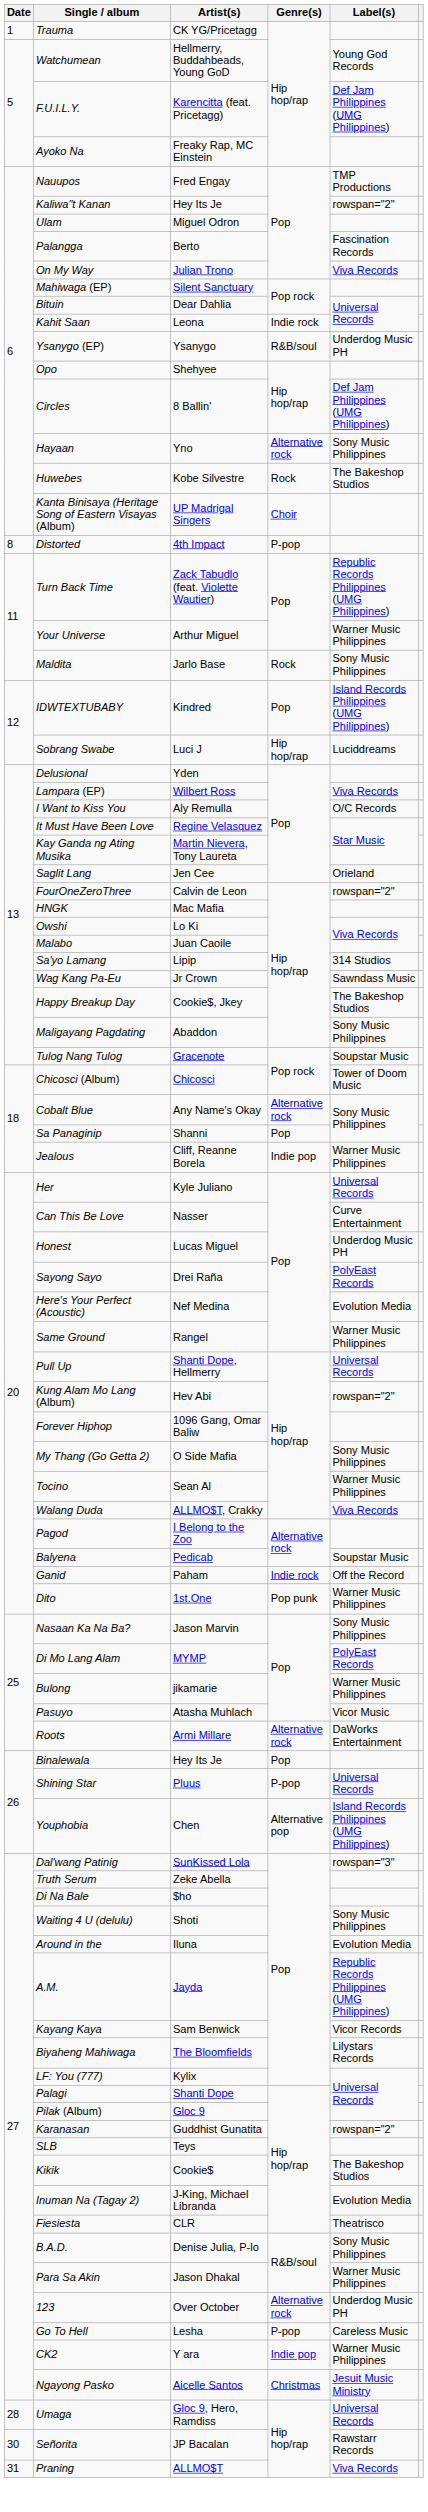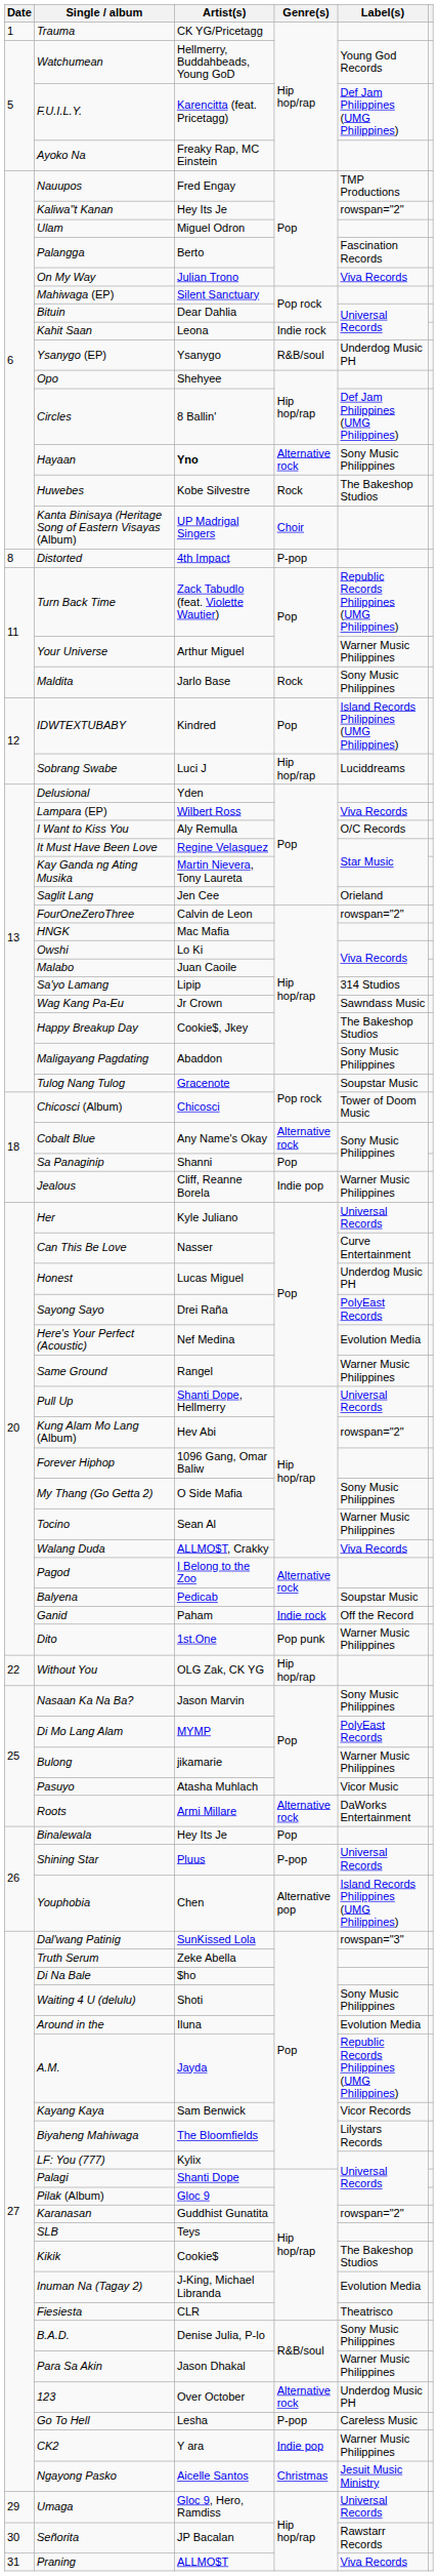 <table class="wikitable">
 <tr>
 <th>Date</th>
 <th>Single / album</th>
 <th>Artist(s)</th>
 <th>Genre(s)</th>
 <th>Label(s)</th>
 <th></th>
 </tr>
 <tr>
 <td>1</td>
 <td><em>Trauma</em></td>
 <td>CK YG/Pricetagg</td>
 <td rowspan="4">Hip hop/rap</td>
 <td></td>
 <td></td>
 </tr>
 <tr>
 <td rowspan="3">5</td>
 <td><em>Watchumean</em></td>
 <td>Hellmerry, Buddahbeads, Young GoD</td>
 <td>Young God Records</td>
 <td></td>
 </tr>
 <tr>
 <td><em>F.U.I.L.Y.</em></td>
 <td><a href='#'>Karencitta</a> (feat. Pricetagg)</td>
 <td><a href='#'>Def Jam Philippines</a><br>(<a href='#'>UMG Philippines</a>)</td>
 <td></td>
 </tr>
 <tr>
 <td><em>Ayoko Na</em></td>
 <td>Freaky Rap, MC Einstein</td>
 <td></td>
 <td></td>
 </tr>
 <tr>
 <td rowspan="14">6</td>
 <td><em>Nauupos</em></td>
 <td>Fred Engay</td>
 <td rowspan="5">Pop</td>
 <td>TMP Productions</td>
 <td></td>
 </tr>
 <tr>
 <td><em>Kaliwa"t Kanan</em></td>
 <td>Hey Its Je</td>
 <td>rowspan="2" </td>
 <td></td>
 </tr>
 <tr>
 <td><em>Ulam</em></td>
 <td>Miguel Odron</td>
 <td></td>
 </tr>
 <tr>
 <td><em>Palangga</em></td>
 <td>Berto</td>
 <td>Fascination Records</td>
 <td></td>
 </tr>
 <tr>
 <td><em>On My Way</em></td>
 <td><a href='#'>Julian Trono</a></td>
 <td><a href='#'>Viva Records</a></td>
 <td></td>
 </tr>
 <tr>
 <td><em>Mahiwaga</em> (EP)</td>
 <td><a href='#'>Silent Sanctuary</a></td>
 <td rowspan="2">Pop rock</td>
 <td></td>
 <td></td>
 </tr>
 <tr>
 <td><em>Bituin</em></td>
 <td>Dear Dahlia</td>
 <td rowspan="2"><a href='#'>Universal Records</a></td>
 <td></td>
 </tr>
 <tr>
 <td><em>Kahit Saan</em></td>
 <td>Leona</td>
 <td>Indie rock</td>
 <td></td>
 </tr>
 <tr>
 <td><em>Ysanygo</em> (EP)</td>
 <td>Ysanygo</td>
 <td>R&B/soul</td>
 <td>Underdog Music PH</td>
 <td></td>
 </tr>
 <tr>
 <td><em>Opo</em></td>
 <td>Shehyee</td>
 <td rowspan="2">Hip hop/rap</td>
 <td></td>
 <td></td>
 </tr>
 <tr>
 <td><em>Circles</em></td>
 <td>8 Ballin'</td>
 <td><a href='#'>Def Jam Philippines</a><br>(<a href='#'>UMG Philippines</a>)</td>
 <td></td>
 </tr>
 <tr>
 <td><em>Hayaan</em></td>
-<td>Yno</td>
+<td><strong>Yno</strong></td>
 <td><a href='#'>Alternative rock</a></td>
 <td>Sony Music Philippines</td>
 <td></td>
 </tr>
 <tr>
 <td><em>Huwebes</em></td>
 <td>Kobe Silvestre</td>
 <td>Rock</td>
 <td>The Bakeshop Studios</td>
 <td></td>
 </tr>
 <tr>
 <td><em>Kanta Binisaya (Heritage Song of Eastern Visayas</em> (Album)</td>
 <td><a href='#'>UP Madrigal Singers</a></td>
 <td><a href='#'>Choir</a></td>
 <td></td>
 </tr>
 <tr>
 <td>8</td>
 <td><em>Distorted</em></td>
 <td><a href='#'>4th Impact</a></td>
 <td>P-pop</td>
 <td></td>
 <td></td>
 </tr>
 <tr>
 <td rowspan="3">11</td>
 <td><em>Turn Back Time</em></td>
 <td><a href='#'>Zack Tabudlo</a> (feat. <a href='#'>Violette Wautier</a>)</td>
 <td rowspan="2">Pop</td>
 <td><a href='#'>Republic Records Philippines</a><br>(<a href='#'>UMG Philippines</a>)</td>
 <td></td>
 </tr>
 <tr>
 <td><em>Your Universe</em></td>
 <td>Arthur Miguel</td>
 <td>Warner Music Philippines</td>
 <td></td>
 </tr>
 <tr>
 <td><em>Maldita</em></td>
 <td>Jarlo Base</td>
 <td>Rock</td>
 <td>Sony Music Philippines</td>
 <td></td>
 </tr>
 <tr>
 <td rowspan="2">12</td>
 <td><em>IDWTEXTUBABY</em></td>
 <td>Kindred</td>
 <td>Pop</td>
 <td><a href='#'>Island Records Philippines</a><br>(<a href='#'>UMG Philippines</a>)</td>
 <td></td>
 </tr>
 <tr>
 <td><em>Sobrang Swabe</em></td>
 <td>Luci J</td>
 <td>Hip hop/rap</td>
 <td>Luciddreams</td>
 <td></td>
 </tr>
 <tr>
 <td rowspan="15">13</td>
 <td><em>Delusional</em></td>
 <td>Yden</td>
 <td rowspan="6">Pop</td>
 <td></td>
 <td></td>
 </tr>
 <tr>
 <td><em>Lampara</em> (EP)</td>
 <td><a href='#'>Wilbert Ross</a></td>
 <td><a href='#'>Viva Records</a></td>
 <td></td>
 </tr>
 <tr>
 <td><em>I Want to Kiss You</em></td>
 <td>Aly Remulla</td>
 <td>O/C Records</td>
 <td></td>
 </tr>
 <tr>
 <td><em>It Must Have Been Love</em></td>
 <td><a href='#'>Regine Velasquez</a></td>
 <td rowspan="2"><a href='#'>Star Music</a></td>
 <td></td>
 </tr>
 <tr>
 <td><em>Kay Ganda ng Ating Musika</em></td>
 <td><a href='#'>Martin Nievera</a>, Tony Laureta</td>
 <td></td>
 </tr>
 <tr>
 <td><em>Saglit Lang</em></td>
 <td>Jen Cee</td>
 <td>Orieland</td>
 <td></td>
 </tr>
 <tr>
 <td><em>FourOneZeroThree</em></td>
 <td>Calvin de Leon</td>
 <td rowspan="8">Hip hop/rap</td>
 <td>rowspan="2" </td>
 <td></td>
 </tr>
 <tr>
 <td><em>HNGK</em></td>
 <td>Mac Mafia</td>
 <td></td>
 </tr>
 <tr>
 <td><em>Owshi</em></td>
 <td>Lo Ki</td>
 <td rowspan="2"><a href='#'>Viva Records</a></td>
 <td></td>
 </tr>
 <tr>
 <td><em>Malabo</em></td>
 <td>Juan Caoile</td>
 <td></td>
 </tr>
 <tr>
 <td><em>Sa'yo Lamang</em></td>
 <td>Lipip</td>
 <td>314 Studios</td>
 <td></td>
 </tr>
 <tr>
 <td><em>Wag Kang Pa-Eu</em></td>
 <td>Jr Crown</td>
 <td>Sawndass Music</td>
 <td></td>
 </tr>
 <tr>
 <td><em>Happy Breakup Day</em></td>
 <td>Cookie$, Jkey</td>
 <td>The Bakeshop Studios</td>
 <td></td>
 </tr>
 <tr>
 <td><em>Maligayang Pagdating</em></td>
 <td>Abaddon</td>
 <td>Sony Music Philippines</td>
 <td></td>
 </tr>
 <tr>
 <td><em>Tulog Nang Tulog</em></td>
 <td><a href='#'>Gracenote</a></td>
 <td rowspan="2">Pop rock</td>
 <td>Soupstar Music</td>
 <td></td>
 </tr>
 <tr>
 <td rowspan="4">18</td>
 <td><em>Chicosci</em> (Album)</td>
 <td><a href='#'>Chicosci</a></td>
 <td>Tower of Doom Music</td>
 <td></td>
 </tr>
 <tr>
 <td><em>Cobalt Blue</em></td>
 <td>Any Name's Okay</td>
 <td><a href='#'>Alternative rock</a></td>
 <td rowspan="2">Sony Music Philippines</td>
 <td></td>
 </tr>
 <tr>
 <td><em>Sa Panaginip</em></td>
 <td>Shanni</td>
 <td>Pop</td>
 <td></td>
 </tr>
 <tr>
 <td><em>Jealous</em></td>
 <td>Cliff, Reanne Borela</td>
 <td>Indie pop</td>
 <td>Warner Music Philippines</td>
 <td></td>
 </tr>
 <tr>
 <td rowspan="16">20</td>
 <td><em>Her</em></td>
 <td>Kyle Juliano</td>
 <td rowspan="6">Pop</td>
 <td><a href='#'>Universal Records</a></td>
 <td></td>
 </tr>
 <tr>
 <td><em>Can This Be Love</em></td>
 <td>Nasser</td>
 <td>Curve Entertainment</td>
 <td></td>
 </tr>
 <tr>
 <td><em>Honest</em></td>
 <td>Lucas Miguel</td>
 <td>Underdog Music PH</td>
 <td></td>
 </tr>
 <tr>
 <td><em>Sayong Sayo</em></td>
 <td>Drei Raña</td>
 <td><a href='#'>PolyEast Records</a></td>
 <td></td>
 </tr>
 <tr>
 <td><em>Here's Your Perfect (Acoustic)</em></td>
 <td>Nef Medina</td>
 <td>Evolution Media</td>
 <td></td>
 </tr>
 <tr>
 <td><em>Same Ground</em></td>
 <td>Rangel</td>
 <td>Warner Music Philippines</td>
 <td></td>
 </tr>
 <tr>
 <td><em>Pull Up</em></td>
 <td><a href='#'>Shanti Dope</a>, Hellmerry</td>
 <td rowspan="6">Hip hop/rap</td>
 <td><a href='#'>Universal Records</a></td>
 <td></td>
 </tr>
 <tr>
 <td><em>Kung Alam Mo Lang</em> (Album)</td>
 <td>Hev Abi</td>
 <td>rowspan="2" </td>
 <td></td>
 </tr>
 <tr>
 <td><em>Forever Hiphop</em></td>
 <td>1096 Gang, Omar Baliw</td>
 <td></td>
 </tr>
 <tr>
 <td><em>My Thang (Go Getta 2)</em></td>
 <td>O Side Mafia</td>
 <td>Sony Music Philippines</td>
 <td></td>
 </tr>
 <tr>
 <td><em>Tocino</em></td>
 <td>Sean Al</td>
 <td>Warner Music Philippines</td>
 <td></td>
 </tr>
 <tr>
 <td><em>Walang Duda</em></td>
 <td><a href='#'>ALLMO$T</a>, Crakky</td>
 <td><a href='#'>Viva Records</a></td>
 <td></td>
 </tr>
 <tr>
 <td><em>Pagod</em></td>
 <td><a href='#'>I Belong to the Zoo</a></td>
 <td rowspan="2"><a href='#'>Alternative rock</a></td>
 <td></td>
 <td></td>
 </tr>
 <tr>
 <td><em>Balyena</em></td>
 <td><a href='#'>Pedicab</a></td>
 <td>Soupstar Music</td>
 <td></td>
 </tr>
 <tr>
 <td><em>Ganid</em></td>
 <td>Paham</td>
 <td><a href='#'>Indie rock</a></td>
 <td>Off the Record</td>
 <td></td>
 </tr>
 <tr>
 <td><em>Dito</em></td>
 <td><a href='#'>1st.One</a></td>
 <td>Pop punk</td>
 <td>Warner Music Philippines</td>
 <td></td>
 </tr>
 <tr>
+<td>22</td>
+<td><em>Without You</em></td>
+<td>OLG Zak, CK YG</td>
+<td>Hip hop/rap</td>
+<td></td>
+<td></td>
+</tr>
+<tr>
 <td rowspan="5">25</td>
 <td><em>Nasaan Ka Na Ba?</em></td>
 <td>Jason Marvin</td>
 <td rowspan="4">Pop</td>
 <td>Sony Music Philippines</td>
 <td></td>
 </tr>
 <tr>
 <td><em>Di Mo Lang Alam</em></td>
 <td><a href='#'>MYMP</a></td>
 <td><a href='#'>PolyEast Records</a></td>
 <td></td>
 </tr>
 <tr>
 <td><em>Bulong</em></td>
 <td>jikamarie</td>
 <td>Warner Music Philippines</td>
 <td></td>
 </tr>
 <tr>
 <td><em>Pasuyo</em></td>
 <td>Atasha Muhlach</td>
 <td>Vicor Music</td>
 <td></td>
 </tr>
 <tr>
 <td><em>Roots</em></td>
 <td><a href='#'>Armi Millare</a></td>
 <td><a href='#'>Alternative rock</a></td>
 <td>DaWorks Entertainment</td>
 <td></td>
 </tr>
 <tr>
 <td rowspan="3">26</td>
 <td><em>Binalewala</em></td>
 <td>Hey Its Je</td>
 <td>Pop</td>
 <td></td>
 <td></td>
 </tr>
 <tr>
 <td><em>Shining Star</em></td>
 <td><a href='#'>Pluus</a></td>
 <td>P-pop</td>
 <td><a href='#'>Universal Records</a></td>
 <td></td>
 </tr>
 <tr>
 <td><em>Youphobia</em></td>
 <td>Chen</td>
 <td>Alternative pop</td>
 <td><a href='#'>Island Records Philippines</a><br>(<a href='#'>UMG Philippines</a>)</td>
 <td></td>
 </tr>
 <tr>
 <td rowspan="22">27</td>
 <td><em>Dal'wang Patinig</em></td>
 <td><a href='#'>SunKissed Lola</a></td>
 <td rowspan="9">Pop</td>
 <td>rowspan="3" </td>
 <td></td>
 </tr>
 <tr>
 <td><em>Truth Serum</em></td>
 <td>Zeke Abella</td>
 <td></td>
 </tr>
 <tr>
 <td><em>Di Na Bale</em></td>
 <td>$ho</td>
 <td></td>
 </tr>
 <tr>
 <td><em>Waiting 4 U (delulu)</em></td>
 <td>Shoti</td>
 <td>Sony Music Philippines</td>
 <td></td>
 </tr>
 <tr>
 <td><em>Around in the</em></td>
 <td>Iluna</td>
 <td>Evolution Media</td>
 <td></td>
 </tr>
 <tr>
 <td><em>A.M.</em></td>
 <td><a href='#'>Jayda</a></td>
 <td><a href='#'>Republic Records Philippines</a><br>(<a href='#'>UMG Philippines</a>)</td>
 <td></td>
 </tr>
 <tr>
 <td><em>Kayang Kaya</em></td>
 <td>Sam Benwick</td>
 <td>Vicor Records</td>
 <td></td>
 </tr>
 <tr>
 <td><em>Biyaheng Mahiwaga</em></td>
 <td><a href='#'>The Bloomfields</a></td>
 <td>Lilystars Records</td>
 <td></td>
 </tr>
 <tr>
 <td><em>LF: You (777)</em></td>
 <td>Kylix</td>
 <td rowspan="3"><a href='#'>Universal Records</a></td>
 <td></td>
 </tr>
 <tr>
 <td><em>Palagi</em></td>
 <td><a href='#'>Shanti Dope</a></td>
 <td rowspan="7">Hip hop/rap</td>
 <td></td>
 </tr>
 <tr>
 <td><em>Pilak</em> (Album)</td>
 <td><a href='#'>Gloc 9</a></td>
 <td></td>
 </tr>
 <tr>
 <td><em>Karanasan</em></td>
 <td>Guddhist Gunatita</td>
 <td>rowspan="2" </td>
 <td></td>
 </tr>
 <tr>
 <td><em>SLB</em></td>
 <td>Teys</td>
 <td></td>
 </tr>
 <tr>
 <td><em>Kikik</em></td>
 <td>Cookie$</td>
 <td>The Bakeshop Studios</td>
 <td></td>
 </tr>
 <tr>
 <td><em>Inuman Na (Tagay 2)</em></td>
 <td>J-King, Michael Libranda</td>
 <td>Evolution Media</td>
 <td></td>
 </tr>
 <tr>
 <td><em>Fiesiesta</em></td>
 <td>CLR</td>
 <td>Theatrisco</td>
 </tr>
 <tr>
 <td><em>B.A.D.</em></td>
 <td>Denise Julia, P-lo</td>
 <td rowspan="2">R&B/soul</td>
 <td>Sony Music Philippines</td>
 <td></td>
 </tr>
 <tr>
 <td><em>Para Sa Akin</em></td>
 <td>Jason Dhakal</td>
 <td>Warner Music Philippines</td>
 <td></td>
 </tr>
 <tr>
 <td><em>123</em></td>
 <td>Over October</td>
 <td><a href='#'>Alternative rock</a></td>
 <td>Underdog Music PH</td>
 <td></td>
 </tr>
 <tr>
 <td><em>Go To Hell</em></td>
 <td>Lesha</td>
 <td>P-pop</td>
 <td>Careless Music</td>
 <td></td>
 </tr>
 <tr>
 <td><em>CK2</em></td>
 <td>Y ara</td>
 <td><a href='#'>Indie pop</a></td>
 <td>Warner Music Philippines</td>
 <td></td>
 </tr>
 <tr>
 <td><em>Ngayong Pasko</em></td>
 <td><a href='#'>Aicelle Santos</a></td>
 <td><a href='#'>Christmas</a></td>
 <td><a href='#'>Jesuit Music Ministry</a></td>
 <td></td>
 </tr>
 <tr>
-<td>28</td>
+<td>29</td>
 <td><em>Umaga</em></td>
 <td><a href='#'>Gloc 9</a>, Hero, Ramdiss</td>
 <td rowspan="3">Hip hop/rap</td>
 <td><a href='#'>Universal Records</a></td>
 <td></td>
 </tr>
 <tr>
 <td>30</td>
 <td><em>Señorita</em></td>
 <td>JP Bacalan</td>
 <td>Rawstarr Records</td>
 <td></td>
 </tr>
 <tr>
 <td>31</td>
 <td><em>Praning</em></td>
 <td><a href='#'>ALLMO$T</a></td>
 <td><a href='#'>Viva Records</a></td>
 <td></td>
 </tr>
 </table>
